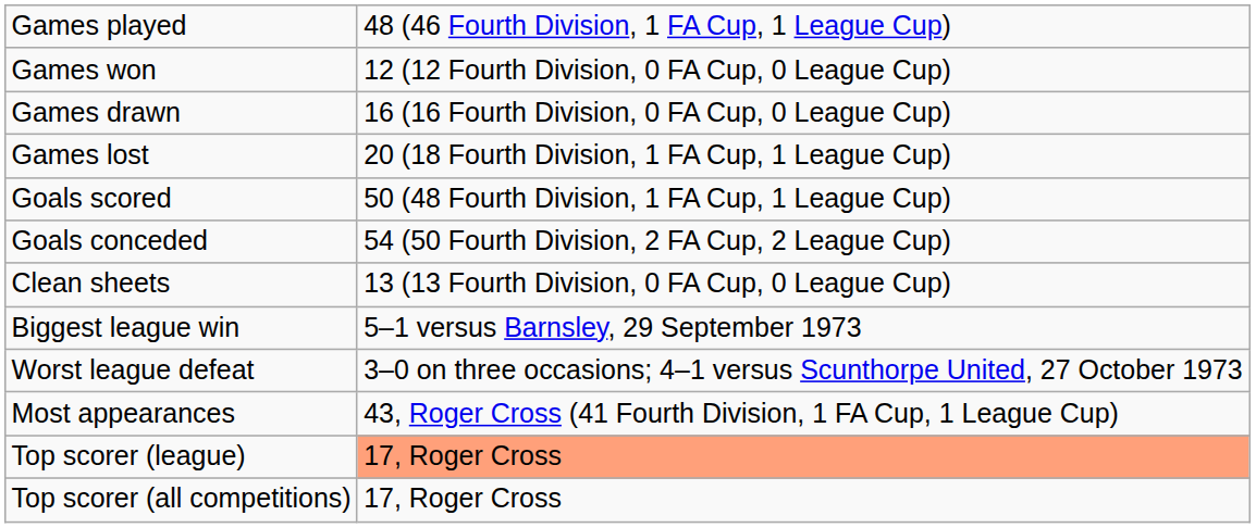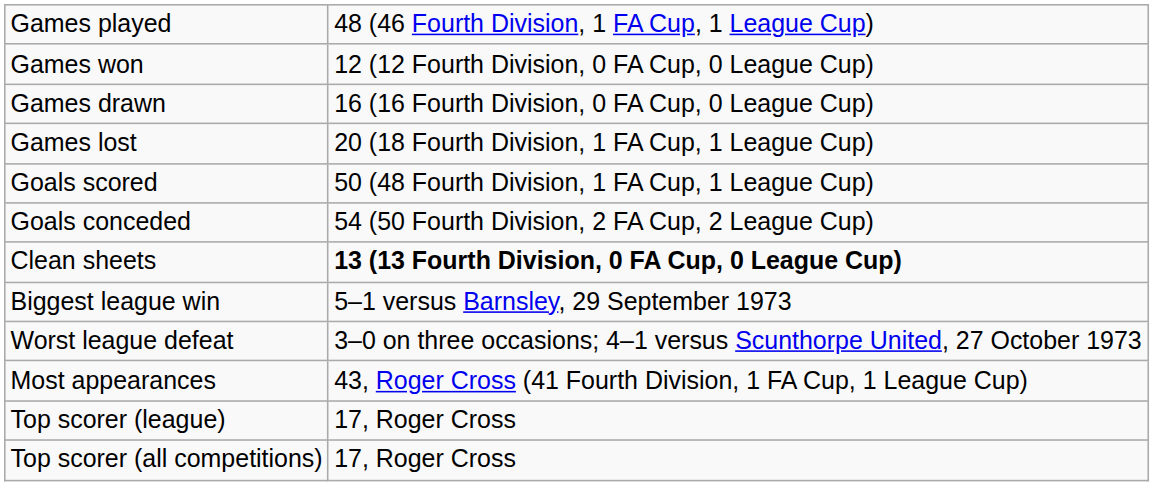 <table class="wikitable">
 <tr>
 <td>Games played</td>
 <td>48 (46 <a href='#'>Fourth Division</a>, 1 <a href='#'>FA Cup</a>, 1 <a href='#'>League Cup</a>)</td>
 </tr>
 <tr>
 <td>Games won</td>
 <td>12 (12 Fourth Division, 0 FA Cup, 0 League Cup)</td>
 </tr>
 <tr>
 <td>Games drawn</td>
 <td>16 (16 Fourth Division, 0 FA Cup, 0 League Cup)</td>
 </tr>
 <tr>
 <td>Games lost</td>
 <td>20 (18 Fourth Division, 1 FA Cup, 1 League Cup)</td>
 </tr>
 <tr>
 <td>Goals scored</td>
 <td>50 (48 Fourth Division, 1 FA Cup, 1 League Cup)</td>
 </tr>
 <tr>
 <td>Goals conceded</td>
 <td>54 (50 Fourth Division, 2 FA Cup, 2 League Cup)</td>
 </tr>
 <tr>
 <td>Clean sheets</td>
-<td>13 (13 Fourth Division, 0 FA Cup, 0 League Cup)</td>
+<td><strong>13 (13 Fourth Division, 0 FA Cup, 0 League Cup)</strong></td>
 </tr>
 <tr>
 <td>Biggest league win</td>
 <td>5–1 versus <a href='#'>Barnsley</a>, 29 September 1973</td>
 </tr>
 <tr>
 <td>Worst league defeat</td>
 <td>3–0 on three occasions; 4–1 versus <a href='#'>Scunthorpe United</a>, 27 October 1973</td>
 </tr>
 <tr>
 <td>Most appearances</td>
 <td>43, <a href='#'>Roger Cross</a> (41 Fourth Division, 1 FA Cup, 1 League Cup)</td>
 </tr>
 <tr>
 <td>Top scorer (league)</td>
-<td style="background: lightsalmon;">17, Roger Cross</td>
+<td>17, Roger Cross</td>
 </tr>
 <tr>
 <td>Top scorer (all competitions)</td>
 <td>17, Roger Cross</td>
 </tr>
 </table>
